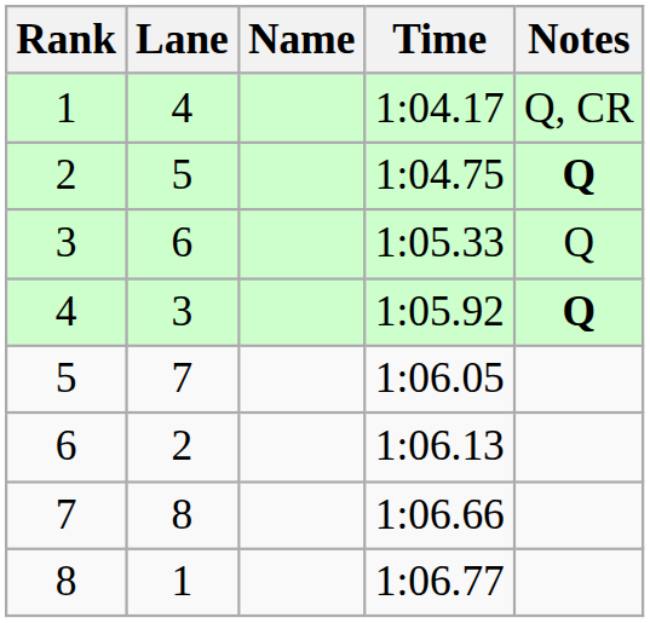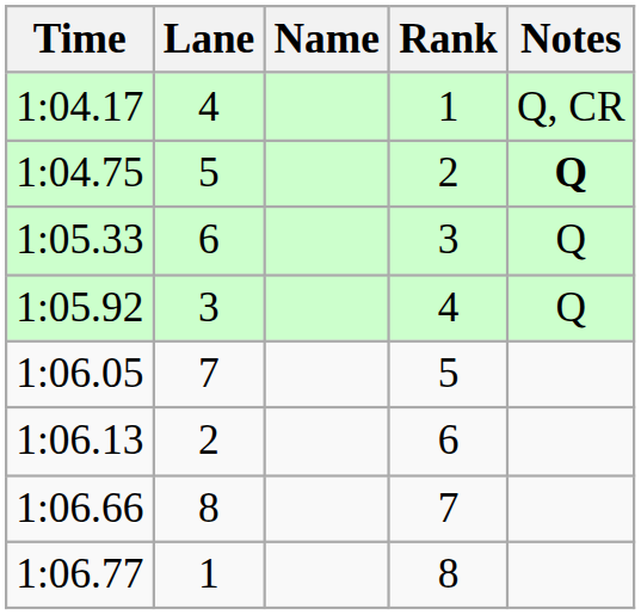 <table class="wikitable sortable" style="text-align:center">
 <tr>
-<th>Rank</th>
+<th>Time</th>
 <th>Lane</th>
 <th>Name</th>
-<th>Time</th>
+<th>Rank</th>
 <th>Notes</th>
 </tr>
 <tr bgcolor=ccffcc>
-<td>1</td>
+<td>1:04.17</td>
 <td>4</td>
 <td align=left></td>
-<td>1:04.17</td>
+<td>1</td>
 <td>Q, CR</td>
 </tr>
 <tr bgcolor=ccffcc>
-<td>2</td>
+<td>1:04.75</td>
 <td>5</td>
 <td align=left></td>
-<td>1:04.75</td>
+<td>2</td>
 <td><strong>Q</strong></td>
 </tr>
 <tr bgcolor=ccffcc>
-<td>3</td>
+<td>1:05.33</td>
 <td>6</td>
 <td align=left></td>
-<td>1:05.33</td>
+<td>3</td>
 <td>Q</td>
 </tr>
 <tr bgcolor=ccffcc>
-<td>4</td>
+<td>1:05.92</td>
 <td>3</td>
 <td align=left></td>
-<td>1:05.92</td>
-<td><strong>Q</strong></td>
+<td>4</td>
+<td>Q</td>
 </tr>
 <tr>
-<td>5</td>
+<td>1:06.05</td>
 <td>7</td>
 <td align=left></td>
-<td>1:06.05</td>
+<td>5</td>
 <td></td>
 </tr>
 <tr>
-<td>6</td>
+<td>1:06.13</td>
 <td>2</td>
 <td align=left></td>
-<td>1:06.13</td>
+<td>6</td>
 <td></td>
 </tr>
 <tr>
-<td>7</td>
+<td>1:06.66</td>
 <td>8</td>
 <td align=left></td>
-<td>1:06.66</td>
+<td>7</td>
 <td></td>
 </tr>
 <tr>
-<td>8</td>
+<td>1:06.77</td>
 <td>1</td>
 <td align=left></td>
-<td>1:06.77</td>
+<td>8</td>
 <td></td>
 </tr>
 </table>
